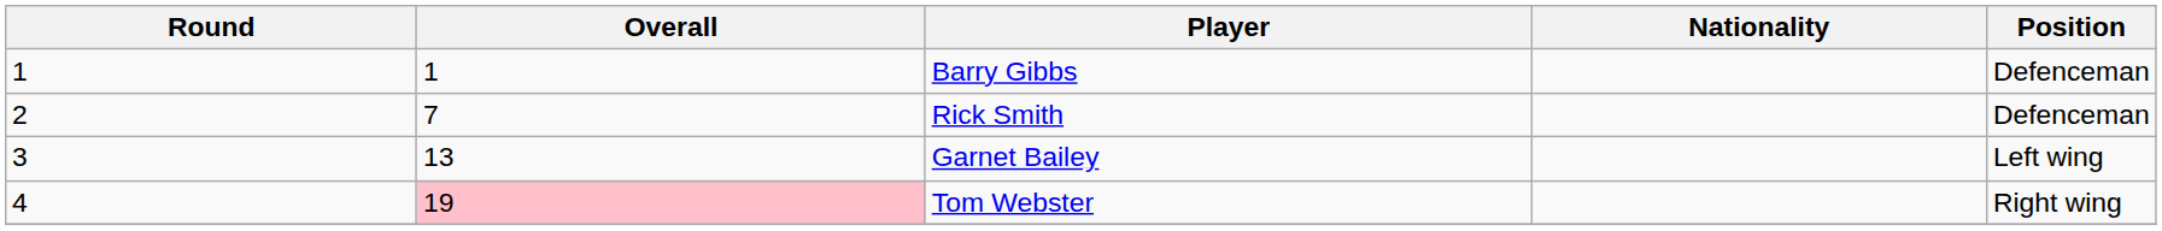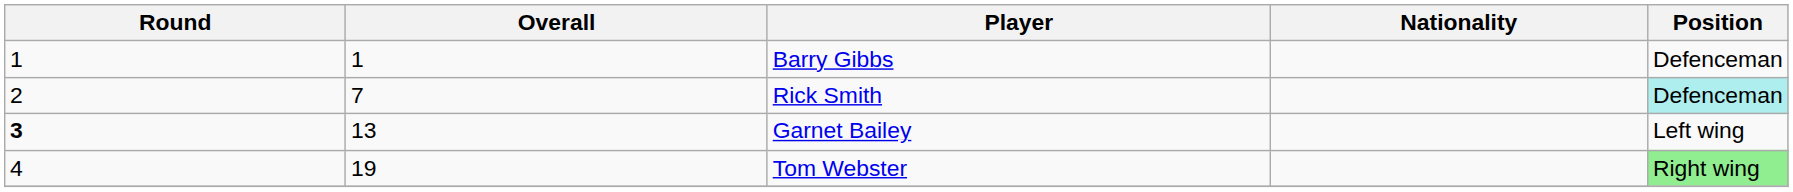 <table class="wikitable sortable sortable">
 <tr>
 <th bgcolor="#DDDDFF" width="20.75%">Round</th>
 <th bgcolor="#DDDDFF" width="25.75%">Overall</th>
 <th bgcolor="#DDDDFF" width="30.75%">Player</th>
 <th bgcolor="#DDDDFF" width="30.75%">Nationality</th>
 <th bgcolor="#DDDDFF" width="30.75%">Position</th>
 </tr>
 <tr>
 <td>1</td>
 <td>1</td>
 <td><a href='#'>Barry Gibbs</a></td>
 <td></td>
 <td>Defenceman</td>
 </tr>
 <tr>
 <td>2</td>
 <td>7</td>
 <td><a href='#'>Rick Smith</a></td>
 <td></td>
-<td>Defenceman</td>
+<td style="background: paleturquoise;">Defenceman</td>
 </tr>
 <tr>
-<td>3</td>
+<td><strong>3</strong></td>
 <td>13</td>
 <td><a href='#'>Garnet Bailey</a></td>
 <td></td>
 <td>Left wing</td>
 </tr>
 <tr>
 <td>4</td>
-<td style="background: pink;">19</td>
+<td>19</td>
 <td><a href='#'>Tom Webster</a></td>
 <td></td>
-<td>Right wing</td>
+<td style="background: lightgreen;">Right wing</td>
 </tr>
 <tr>
 </tr>
 </table>
